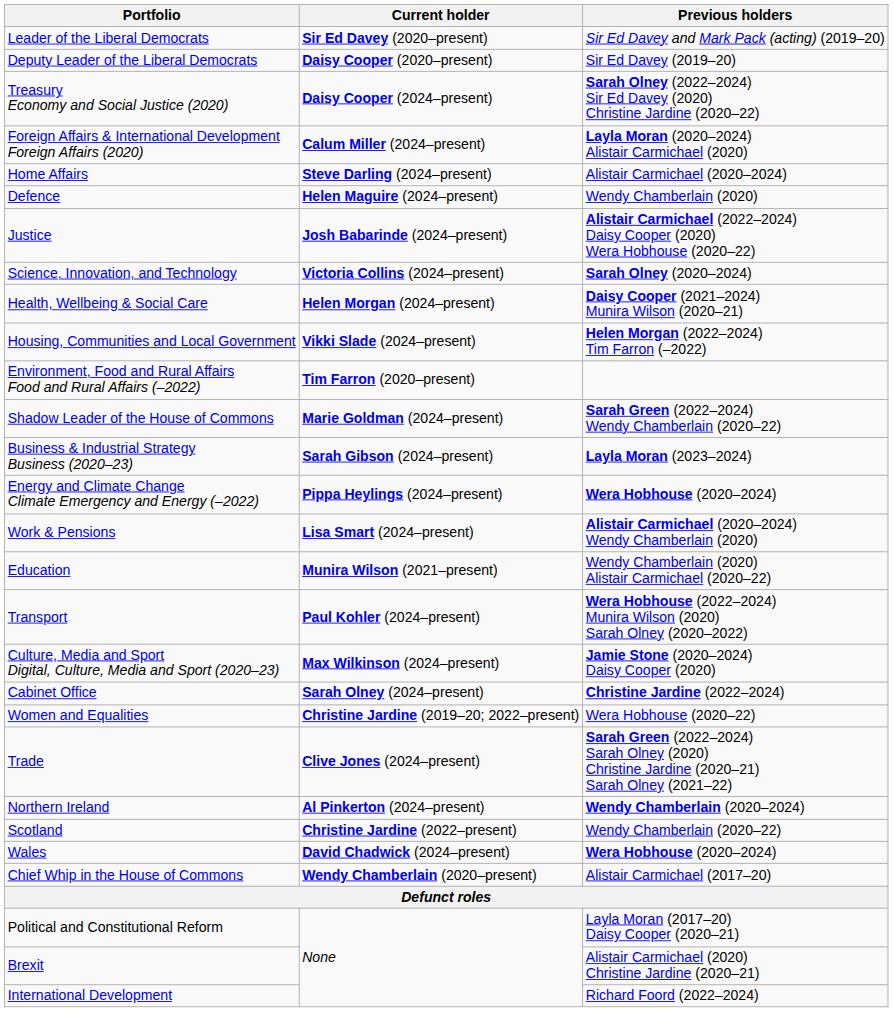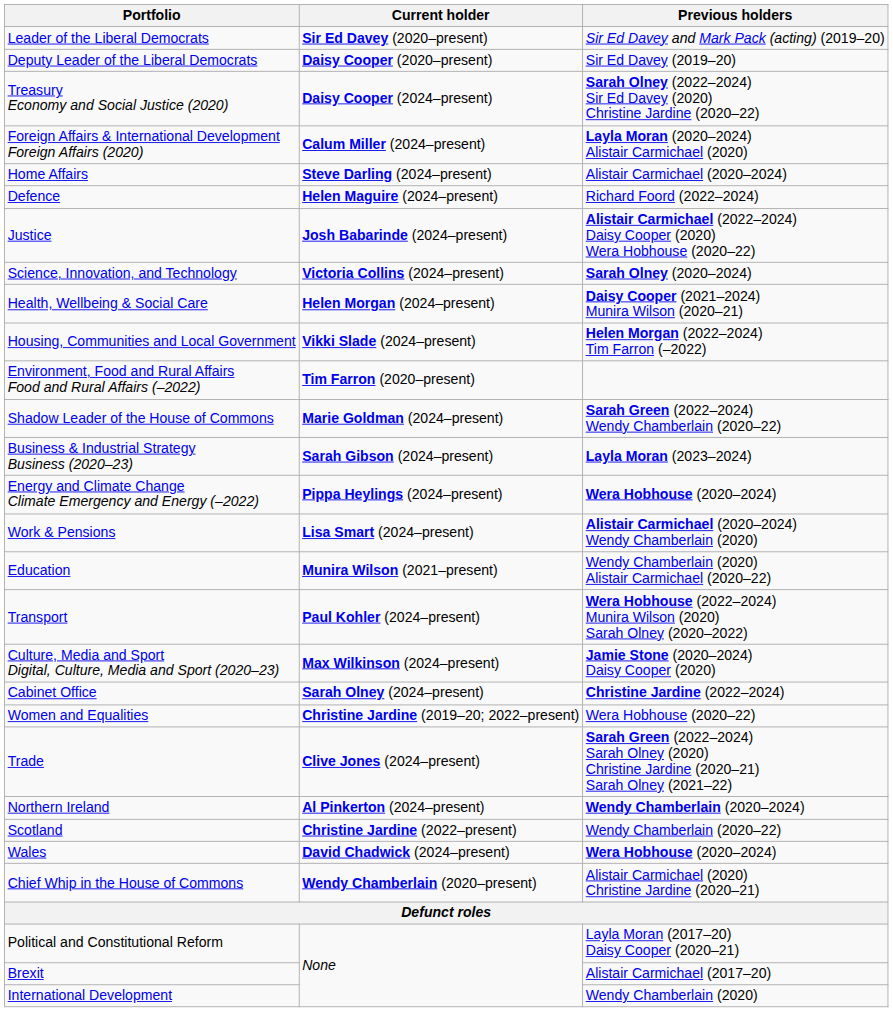 <table class="wikitable">
 <tr>
 <th>Portfolio</th>
 <th>Current holder</th>
 <th>Previous holders</th>
 </tr>
 <tr>
 <td><a href='#'>Leader of the Liberal Democrats</a></td>
 <td> <strong><a href='#'>Sir Ed Davey</a></strong>  (2020–present)</td>
 <td><em><a href='#'>Sir Ed Davey</a>   and <a href='#'>Mark Pack</a> (acting)</em> (2019–20)</td>
 </tr>
 <tr>
 <td><a href='#'>Deputy Leader of the Liberal Democrats</a></td>
 <td><strong><a href='#'>Daisy Cooper</a></strong>  (2020–present)</td>
 <td><a href='#'>Sir Ed Davey</a>  (2019–20)</td>
 </tr>
 <tr>
 <td><a href='#'>Treasury</a><br><em>Economy and Social Justice (2020)</em></td>
 <td><strong><a href='#'>Daisy Cooper</a></strong>  (2024–present)</td>
 <td><strong><a href='#'>Sarah Olney</a></strong>  (2022–2024)<br><a href='#'>Sir Ed Davey</a>  (2020)<br><a href='#'>Christine Jardine</a>  (2020–22)</td>
 </tr>
 <tr>
 <td><a href='#'>Foreign Affairs & International Development</a><br><em>Foreign Affairs (2020)</em></td>
 <td><strong><a href='#'>Calum Miller</a></strong>  (2024–present)</td>
 <td><strong><a href='#'>Layla Moran</a></strong>  (2020–2024)<br> <a href='#'>Alistair Carmichael</a>  (2020)</td>
 </tr>
 <tr>
 <td><a href='#'>Home Affairs</a></td>
 <td><strong><a href='#'>Steve Darling</a></strong>  (2024–present)</td>
 <td> <a href='#'>Alistair Carmichael</a>  (2020–2024)</td>
 </tr>
 <tr>
 <td><a href='#'>Defence</a></td>
 <td><strong><a href='#'>Helen Maguire</a></strong>  (2024–present)</td>
-<td><a href='#'>Wendy Chamberlain</a>  (2020)</td>
+<td><a href='#'>Richard Foord</a>  (2022–2024)</td>
 </tr>
 <tr>
 <td><a href='#'>Justice</a></td>
 <td><strong><a href='#'>Josh Babarinde</a></strong>  (2024–present)</td>
 <td> <strong><a href='#'>Alistair Carmichael</a></strong>  (2022–2024)<br><a href='#'>Daisy Cooper</a>  (2020)<br><a href='#'>Wera Hobhouse</a>  (2020–22)</td>
 </tr>
 <tr>
 <td><a href='#'>Science, Innovation, and Technology</a></td>
 <td><strong><a href='#'>Victoria Collins</a></strong>  (2024–present)</td>
 <td><strong><a href='#'>Sarah Olney</a></strong>  (2020–2024)</td>
 </tr>
 <tr>
 <td><a href='#'>Health, Wellbeing & Social Care</a></td>
 <td><strong><a href='#'>Helen Morgan</a></strong>  (2024–present)</td>
 <td><strong><a href='#'>Daisy Cooper</a></strong>  (2021–2024)<br><a href='#'>Munira Wilson</a>  (2020–21)</td>
 </tr>
 <tr>
 <td><a href='#'>Housing, Communities and Local Government</a></td>
 <td><strong><a href='#'>Vikki Slade</a></strong>  (2024–present)</td>
 <td><strong><a href='#'>Helen Morgan</a></strong>  (2022–2024)<br><a href='#'>Tim Farron</a>  (–2022)</td>
 </tr>
 <tr>
 <td><a href='#'>Environment, Food and Rural Affairs</a><br><em>Food and Rural Affairs (–2022)</em></td>
 <td><strong><a href='#'>Tim Farron</a></strong>  (2020–present)</td>
 <td></td>
 </tr>
 <tr>
 <td><a href='#'>Shadow Leader of the House of Commons</a></td>
 <td><strong><a href='#'>Marie Goldman</a></strong>  (2024–present)</td>
 <td><strong><a href='#'>Sarah Green</a></strong>  (2022–2024)<br><a href='#'>Wendy Chamberlain</a>  (2020–22)</td>
 </tr>
 <tr>
 <td><a href='#'>Business & Industrial Strategy</a> <br><em>Business (2020–23)</em></td>
 <td><strong><a href='#'>Sarah Gibson</a></strong>  (2024–present)</td>
 <td><strong><a href='#'>Layla Moran</a></strong>  (2023–2024)</td>
 </tr>
 <tr>
 <td><a href='#'>Energy and Climate Change</a><br><em>Climate Emergency and Energy (–2022)</em></td>
 <td><strong><a href='#'>Pippa Heylings</a></strong>  (2024–present)</td>
 <td><strong><a href='#'>Wera Hobhouse</a></strong>  (2020–2024)</td>
 </tr>
 <tr>
 <td><a href='#'>Work & Pensions</a></td>
 <td><strong><a href='#'>Lisa Smart</a></strong>   (2024–present)</td>
 <td> <strong><a href='#'>Alistair Carmichael</a></strong>  (2020–2024)<br><a href='#'>Wendy Chamberlain</a>  (2020)</td>
 </tr>
 <tr>
 <td><a href='#'>Education</a></td>
 <td><strong><a href='#'>Munira Wilson</a></strong>  (2021–present)</td>
 <td><a href='#'>Wendy Chamberlain</a>  (2020)<br> <a href='#'>Alistair Carmichael</a>  (2020–22)</td>
 </tr>
 <tr>
 <td><a href='#'>Transport</a></td>
 <td><strong><a href='#'>Paul Kohler</a></strong>   (2024–present)</td>
 <td><strong><a href='#'>Wera Hobhouse</a></strong>  (2022–2024)<br><a href='#'>Munira Wilson</a>  (2020)<br><a href='#'>Sarah Olney</a>  (2020–2022)</td>
 </tr>
 <tr>
 <td><a href='#'>Culture, Media and Sport</a><br><em>Digital, Culture, Media and Sport (2020–23)</em></td>
 <td><strong><a href='#'>Max Wilkinson</a></strong>  (2024–present)</td>
 <td><strong><a href='#'>Jamie Stone</a></strong>  (2020–2024)<br><a href='#'>Daisy Cooper</a>  (2020)</td>
 </tr>
 <tr>
 <td><a href='#'>Cabinet Office</a></td>
 <td><strong><a href='#'>Sarah Olney</a></strong>  (2024–present)</td>
 <td><strong><a href='#'>Christine Jardine</a></strong>  (2022–2024)</td>
 </tr>
 <tr>
 <td><a href='#'>Women and Equalities</a></td>
 <td><strong><a href='#'>Christine Jardine</a></strong>  (2019–20; 2022–present)</td>
 <td><a href='#'>Wera Hobhouse</a>  (2020–22)</td>
 </tr>
 <tr>
 <td><a href='#'>Trade</a></td>
 <td><strong><a href='#'>Clive Jones</a></strong>  (2024–present)</td>
 <td><strong><a href='#'>Sarah Green</a></strong>  (2022–2024)<br><a href='#'>Sarah Olney</a>  (2020)<br><a href='#'>Christine Jardine</a>  (2020–21)<br><a href='#'>Sarah Olney</a>  (2021–22)</td>
 </tr>
 <tr>
 <td><a href='#'>Northern Ireland</a></td>
 <td><strong><a href='#'>Al Pinkerton</a></strong>  (2024–present)</td>
 <td><strong><a href='#'>Wendy Chamberlain</a></strong>  (2020–2024)</td>
 </tr>
 <tr>
 <td><a href='#'>Scotland</a></td>
 <td><strong><a href='#'>Christine Jardine</a></strong>  (2022–present)</td>
 <td><a href='#'>Wendy Chamberlain</a>  (2020–22)</td>
 </tr>
 <tr>
 <td><a href='#'>Wales</a></td>
 <td><strong><a href='#'>David Chadwick</a></strong>  (2024–present)</td>
 <td><strong><a href='#'>Wera Hobhouse</a></strong>  (2020–2024)</td>
 </tr>
 <tr>
 <td><a href='#'>Chief Whip in the House of Commons</a></td>
 <td><strong><a href='#'>Wendy Chamberlain</a></strong>  (2020–present)</td>
-<td> <a href='#'>Alistair Carmichael</a>  (2017–20)</td>
+<td> <a href='#'>Alistair Carmichael</a>  (2020)<br><a href='#'>Christine Jardine</a>  (2020–21)</td>
 </tr>
 <tr>
 <th colspan=4><em>Defunct roles</em></th>
 </tr>
 <tr>
 <td>Political and Constitutional Reform</td>
 <td rowspan=3><em>None</em></td>
 <td><a href='#'>Layla Moran</a>  (2017–20)<br><a href='#'>Daisy Cooper</a>  (2020–21)</td>
 </tr>
 <tr>
 <td><a href='#'>Brexit</a></td>
-<td> <a href='#'>Alistair Carmichael</a>  (2020)<br><a href='#'>Christine Jardine</a>  (2020–21)</td>
+<td> <a href='#'>Alistair Carmichael</a>  (2017–20)</td>
 </tr>
 <tr>
 <td><a href='#'>International Development</a></td>
-<td><a href='#'>Richard Foord</a>  (2022–2024)</td>
+<td><a href='#'>Wendy Chamberlain</a>  (2020)</td>
 </tr>
 </table>
